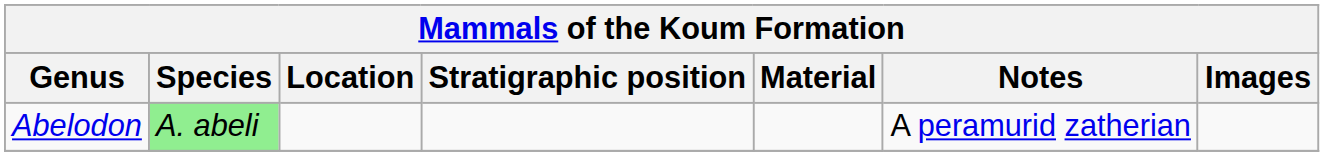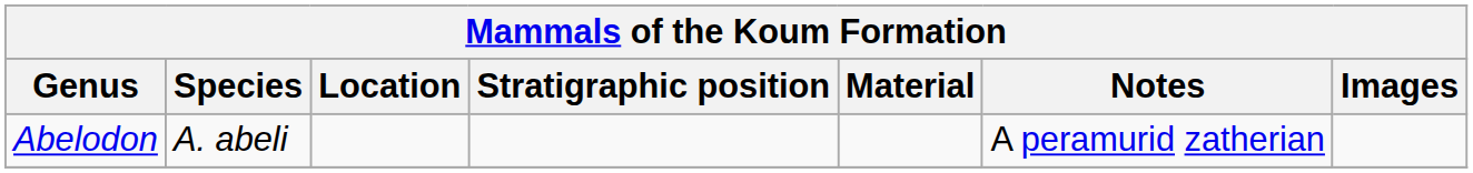 <table class="wikitable" align="center">
 <tr>
 <th colspan="7" align="center"><a href='#'>Mammals</a> of the Koum Formation</th>
 </tr>
 <tr>
 <th>Genus</th>
 <th>Species</th>
 <th>Location</th>
 <th>Stratigraphic position</th>
 <th>Material</th>
 <th>Notes</th>
 <th>Images</th>
 </tr>
 <tr>
 <td><em><a href='#'>Abelodon</a></em></td>
-<td style="background: lightgreen;"><em>A. abeli</em></td>
+<td><em>A. abeli</em></td>
 <td></td>
 <td></td>
 <td></td>
 <td>A <a href='#'>peramurid</a> <a href='#'>zatherian</a></td>
 <td></td>
 </tr>
 <tr>
 </tr>
 </table>
